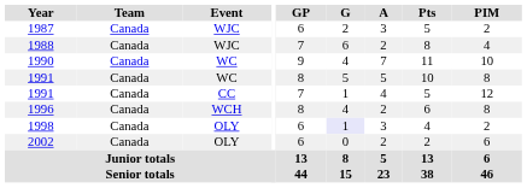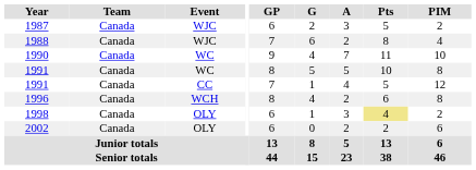 <table border="0" cellpadding="1" cellspacing="0" ID="Table3" style="text-align:center; width:40em">
 <tr bgcolor="#e0e0e0">
 <th>Year</th>
 <th>Team</th>
 <th>Event</th>
 <th rowspan="102" bgcolor="#ffffff"></th>
 <th>GP</th>
 <th>G</th>
 <th>A</th>
 <th>Pts</th>
 <th>PIM</th>
 </tr>
 <tr>
 <td><a href='#'>1987</a></td>
 <td><a href='#'>Canada</a></td>
 <td><a href='#'>WJC</a></td>
 <td>6</td>
 <td>2</td>
 <td>3</td>
 <td>5</td>
 <td>2</td>
 </tr>
 <tr bgcolor="#f0f0f0">
 <td><a href='#'>1988</a></td>
 <td>Canada</td>
 <td>WJC</td>
 <td>7</td>
 <td>6</td>
 <td>2</td>
 <td>8</td>
 <td>4</td>
 </tr>
 <tr>
 <td><a href='#'>1990</a></td>
 <td><a href='#'>Canada</a></td>
 <td><a href='#'>WC</a></td>
 <td>9</td>
 <td>4</td>
 <td>7</td>
 <td>11</td>
 <td>10</td>
 </tr>
 <tr bgcolor="#f0f0f0">
 <td><a href='#'>1991</a></td>
 <td>Canada</td>
 <td>WC</td>
 <td>8</td>
 <td>5</td>
 <td>5</td>
 <td>10</td>
 <td>8</td>
 </tr>
 <tr>
 <td><a href='#'>1991</a></td>
 <td>Canada</td>
 <td><a href='#'>CC</a></td>
 <td>7</td>
 <td>1</td>
 <td>4</td>
 <td>5</td>
 <td>12</td>
 </tr>
 <tr bgcolor="#f0f0f0">
 <td><a href='#'>1996</a></td>
 <td>Canada</td>
 <td><a href='#'>WCH</a></td>
 <td>8</td>
 <td>4</td>
 <td>2</td>
 <td>6</td>
 <td>8</td>
 </tr>
 <tr>
 <td><a href='#'>1998</a></td>
 <td>Canada</td>
 <td><a href='#'>OLY</a></td>
 <td>6</td>
-<td style="background: lavender;">1</td>
+<td>1</td>
 <td>3</td>
-<td>4</td>
+<td style="background: khaki;">4</td>
 <td>2</td>
 </tr>
 <tr bgcolor="#f0f0f0">
 <td><a href='#'>2002</a></td>
 <td>Canada</td>
 <td>OLY</td>
 <td>6</td>
 <td>0</td>
 <td>2</td>
 <td>2</td>
 <td>6</td>
 </tr>
 <tr bgcolor="#e0e0e0">
 <th colspan=4>Junior totals</th>
 <th>13</th>
 <th>8</th>
 <th>5</th>
 <th>13</th>
 <th>6</th>
 </tr>
 <tr bgcolor="#e0e0e0">
 <th colspan=4>Senior totals</th>
 <th>44</th>
 <th>15</th>
 <th>23</th>
 <th>38</th>
 <th>46</th>
 </tr>
 </table>
